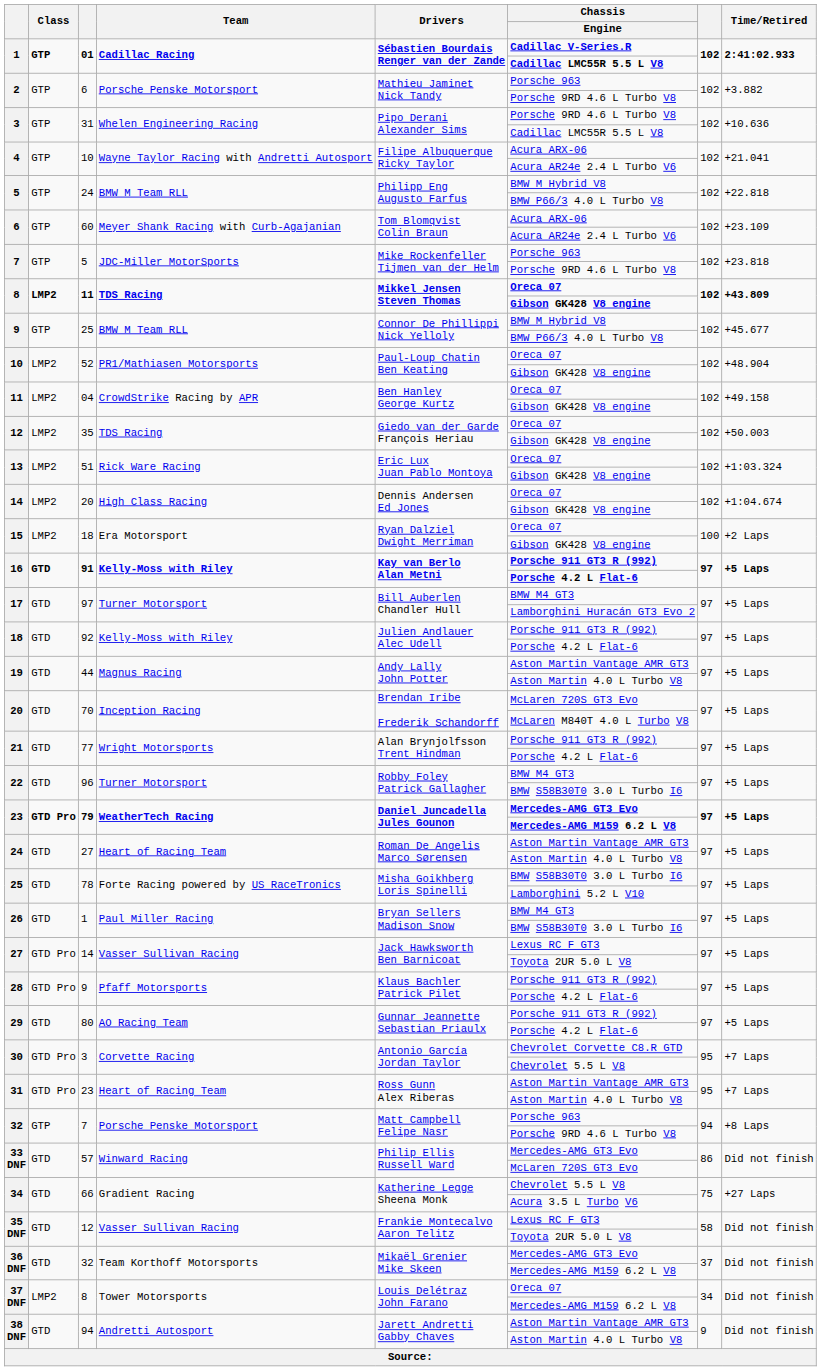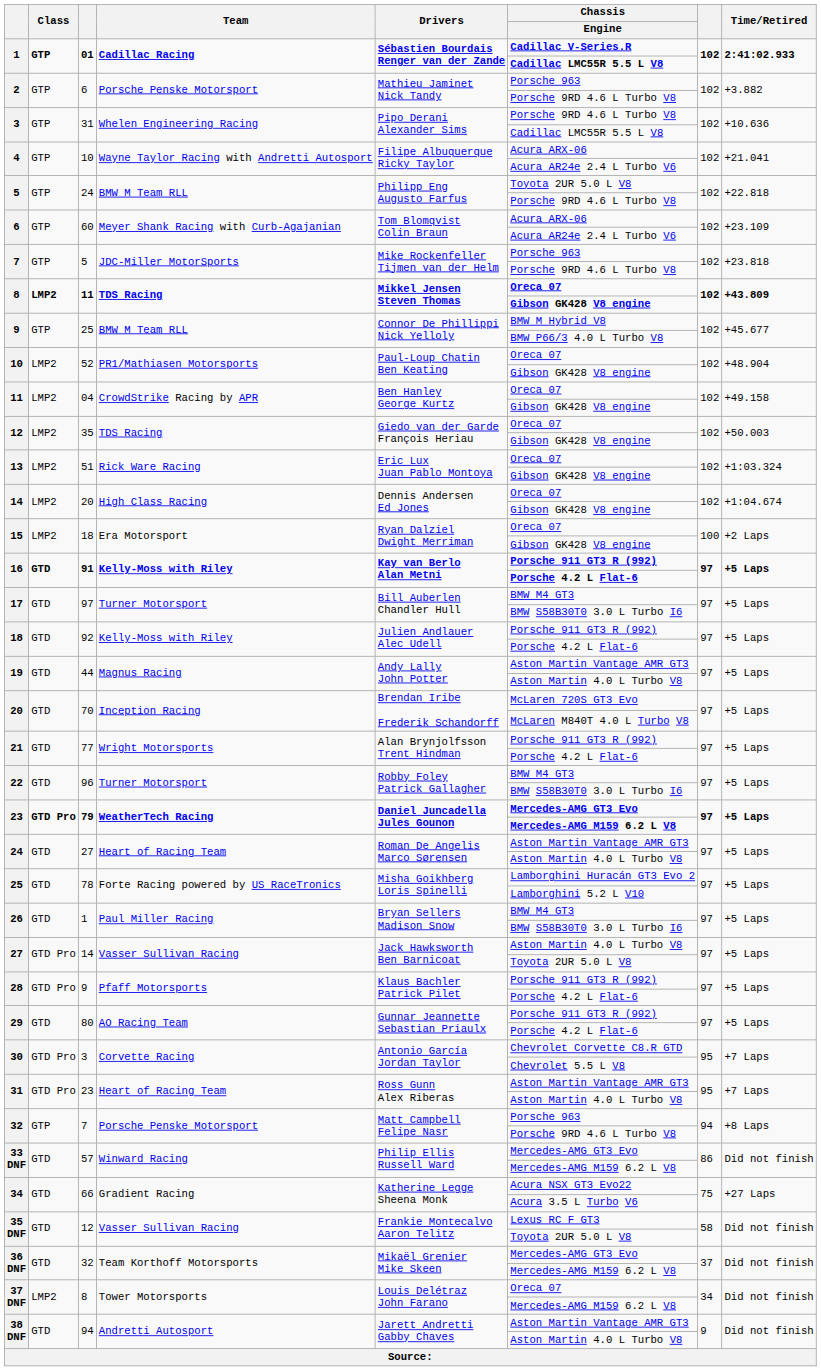 <table class="wikitable" style="font-size:95%;">
 <tr>
 <th rowspan=2></th>
 <th rowspan=2>Class</th>
 <th rowspan=2></th>
 <th rowspan=2>Team</th>
 <th rowspan=2>Drivers</th>
 <th>Chassis</th>
 <th rowspan=2></th>
 <th rowspan=2>Time/Retired</th>
 </tr>
 <tr>
 <th>Engine</th>
 </tr>
 <tr style="font-weight:bold;">
 <th rowspan=2>1</th>
 <td rowspan=2>GTP</td>
 <td rowspan=2>01</td>
 <td rowspan=2> <a href='#'>Cadillac Racing</a></td>
 <td rowspan=2> <a href='#'>Sébastien Bourdais</a><br> <a href='#'>Renger van der Zande</a><br></td>
 <td><a href='#'>Cadillac V-Series.R</a></td>
 <td rowspan=2>102</td>
 <td rowspan=2>2:41:02.933</td>
 </tr>
 <tr style="font-weight:bold;">
 <td><a href='#'>Cadillac</a> LMC55R 5.5 L <a href='#'>V8</a></td>
 </tr>
 <tr>
 <th rowspan=2>2</th>
 <td rowspan=2>GTP</td>
 <td rowspan=2>6</td>
 <td rowspan=2> <a href='#'>Porsche Penske Motorsport</a></td>
 <td rowspan=2> <a href='#'>Mathieu Jaminet</a><br> <a href='#'>Nick Tandy</a><br></td>
 <td><a href='#'>Porsche 963</a></td>
 <td rowspan=2>102</td>
 <td rowspan=2>+3.882</td>
 </tr>
 <tr>
 <td><a href='#'>Porsche</a> 9RD 4.6 L Turbo <a href='#'>V8</a></td>
 </tr>
 <tr>
 <th rowspan=2>3</th>
 <td rowspan=2>GTP</td>
 <td rowspan=2>31</td>
 <td rowspan=2> <a href='#'>Whelen Engineering Racing</a></td>
 <td rowspan=2> <a href='#'>Pipo Derani</a><br> <a href='#'>Alexander Sims</a><br></td>
 <td><a href='#'>Porsche</a> 9RD 4.6 L Turbo <a href='#'>V8</a></td>
 <td rowspan=2>102</td>
 <td rowspan=2>+10.636</td>
 </tr>
 <tr>
 <td><a href='#'>Cadillac</a> LMC55R 5.5 L <a href='#'>V8</a></td>
 </tr>
 <tr>
 <th rowspan=2>4</th>
 <td rowspan=2>GTP</td>
 <td rowspan=2>10</td>
 <td rowspan=2> <a href='#'>Wayne Taylor Racing</a> with <a href='#'>Andretti Autosport</a></td>
 <td rowspan=2> <a href='#'>Filipe Albuquerque</a><br> <a href='#'>Ricky Taylor</a><br></td>
 <td><a href='#'>Acura ARX-06</a></td>
 <td rowspan=2>102</td>
 <td rowspan=2>+21.041</td>
 </tr>
 <tr>
 <td><a href='#'>Acura AR24e</a> 2.4 L Turbo <a href='#'>V6</a></td>
 </tr>
 <tr>
 <th rowspan=2>5</th>
 <td rowspan=2>GTP</td>
 <td rowspan=2>24</td>
 <td rowspan=2> <a href='#'>BMW M Team RLL</a></td>
 <td rowspan=2> <a href='#'>Philipp Eng</a><br> <a href='#'>Augusto Farfus</a><br></td>
-<td><a href='#'>BMW M Hybrid V8</a></td>
+<td><a href='#'>Toyota</a> 2UR 5.0 L <a href='#'>V8</a></td>
 <td rowspan=2>102</td>
 <td rowspan=2>+22.818</td>
 </tr>
 <tr>
-<td><a href='#'>BMW P66/3</a> 4.0 L Turbo <a href='#'>V8</a></td>
+<td><a href='#'>Porsche</a> 9RD 4.6 L Turbo <a href='#'>V8</a></td>
 </tr>
 <tr>
 <th rowspan=2>6</th>
 <td rowspan=2>GTP</td>
 <td rowspan=2>60</td>
 <td rowspan=2> <a href='#'>Meyer Shank Racing</a> with <a href='#'>Curb-Agajanian</a></td>
 <td rowspan=2> <a href='#'>Tom Blomqvist</a><br> <a href='#'>Colin Braun</a><br></td>
 <td><a href='#'>Acura ARX-06</a></td>
 <td rowspan=2>102</td>
 <td rowspan=2>+23.109</td>
 </tr>
 <tr>
 <td><a href='#'>Acura AR24e</a> 2.4 L Turbo <a href='#'>V6</a></td>
 </tr>
 <tr>
 <th rowspan=2>7</th>
 <td rowspan=2>GTP</td>
 <td rowspan=2>5</td>
 <td rowspan=2> <a href='#'>JDC-Miller MotorSports</a></td>
 <td rowspan=2> <a href='#'>Mike Rockenfeller</a><br> <a href='#'>Tijmen van der Helm</a><br></td>
 <td><a href='#'>Porsche 963</a></td>
 <td rowspan=2>102</td>
 <td rowspan=2>+23.818</td>
 </tr>
 <tr>
 <td><a href='#'>Porsche</a> 9RD 4.6 L Turbo <a href='#'>V8</a></td>
 </tr>
 <tr style="font-weight:bold;">
 <th rowspan=2>8</th>
 <td rowspan=2>LMP2</td>
 <td rowspan=2>11</td>
 <td rowspan=2> <a href='#'>TDS Racing</a></td>
 <td rowspan=2> <a href='#'>Mikkel Jensen</a><br> <a href='#'>Steven Thomas</a><br></td>
 <td><a href='#'>Oreca 07</a></td>
 <td rowspan=2>102</td>
 <td rowspan=2>+43.809</td>
 </tr>
 <tr style="font-weight:bold;">
 <td><a href='#'>Gibson</a> GK428 <a href='#'>V8 engine</a></td>
 </tr>
 <tr>
 <th rowspan=2>9</th>
 <td rowspan=2>GTP</td>
 <td rowspan=2>25</td>
 <td rowspan=2> <a href='#'>BMW M Team RLL</a></td>
 <td rowspan=2> <a href='#'>Connor De Phillippi</a><br> <a href='#'>Nick Yelloly</a><br></td>
 <td><a href='#'>BMW M Hybrid V8</a></td>
 <td rowspan=2>102</td>
 <td rowspan=2>+45.677</td>
 </tr>
 <tr>
 <td><a href='#'>BMW P66/3</a> 4.0 L Turbo <a href='#'>V8</a></td>
 </tr>
 <tr>
 <th rowspan=2>10</th>
 <td rowspan=2>LMP2</td>
 <td rowspan=2>52</td>
 <td rowspan=2> <a href='#'>PR1/Mathiasen Motorsports</a></td>
 <td rowspan=2> <a href='#'>Paul-Loup Chatin</a><br> <a href='#'>Ben Keating</a><br></td>
 <td><a href='#'>Oreca 07</a></td>
 <td rowspan=2>102</td>
 <td rowspan=2>+48.904</td>
 </tr>
 <tr>
 <td><a href='#'>Gibson</a> GK428 <a href='#'>V8 engine</a></td>
 </tr>
 <tr>
 <th rowspan=2>11</th>
 <td rowspan=2>LMP2</td>
 <td rowspan=2>04</td>
 <td rowspan=2> <a href='#'>CrowdStrike</a> Racing by <a href='#'>APR</a></td>
 <td rowspan=2> <a href='#'>Ben Hanley</a><br> <a href='#'>George Kurtz</a><br></td>
 <td><a href='#'>Oreca 07</a></td>
 <td rowspan=2>102</td>
 <td rowspan=2>+49.158</td>
 </tr>
 <tr>
 <td><a href='#'>Gibson</a> GK428 <a href='#'>V8 engine</a></td>
 </tr>
 <tr>
 <th rowspan=2>12</th>
 <td rowspan=2>LMP2</td>
 <td rowspan=2>35</td>
 <td rowspan=2> <a href='#'>TDS Racing</a></td>
 <td rowspan=2> <a href='#'>Giedo van der Garde</a><br> François Heriau<br></td>
 <td><a href='#'>Oreca 07</a></td>
 <td rowspan=2>102</td>
 <td rowspan=2>+50.003</td>
 </tr>
 <tr>
 <td><a href='#'>Gibson</a> GK428 <a href='#'>V8 engine</a></td>
 </tr>
 <tr>
 <th rowspan=2>13</th>
 <td rowspan=2>LMP2</td>
 <td rowspan=2>51</td>
 <td rowspan=2> <a href='#'>Rick Ware Racing</a></td>
 <td rowspan=2> <a href='#'>Eric Lux</a><br> <a href='#'>Juan Pablo Montoya</a><br></td>
 <td><a href='#'>Oreca 07</a></td>
 <td rowspan=2>102</td>
 <td rowspan=2>+1:03.324</td>
 </tr>
 <tr>
 <td><a href='#'>Gibson</a> GK428 <a href='#'>V8 engine</a></td>
 </tr>
 <tr>
 <th rowspan=2>14</th>
 <td rowspan=2>LMP2</td>
 <td rowspan=2>20</td>
 <td rowspan=2> <a href='#'>High Class Racing</a></td>
 <td rowspan=2> Dennis Andersen<br> <a href='#'>Ed Jones</a><br></td>
 <td><a href='#'>Oreca 07</a></td>
 <td rowspan=2>102</td>
 <td rowspan=2>+1:04.674</td>
 </tr>
 <tr>
 <td><a href='#'>Gibson</a> GK428 <a href='#'>V8 engine</a></td>
 </tr>
 <tr>
 <th rowspan=2>15</th>
 <td rowspan=2>LMP2</td>
 <td rowspan=2>18</td>
 <td rowspan=2> Era Motorsport</td>
 <td rowspan=2> <a href='#'>Ryan Dalziel</a><br> <a href='#'>Dwight Merriman</a><br></td>
 <td><a href='#'>Oreca 07</a></td>
 <td rowspan=2>100</td>
 <td rowspan=2>+2 Laps</td>
 </tr>
 <tr>
 <td><a href='#'>Gibson</a> GK428 <a href='#'>V8 engine</a></td>
 </tr>
 <tr style="font-weight:bold;">
 <th rowspan=2>16</th>
 <td rowspan=2>GTD</td>
 <td rowspan=2>91</td>
 <td rowspan=2> <a href='#'>Kelly-Moss with Riley</a></td>
 <td rowspan=2> <a href='#'>Kay van Berlo</a><br> <a href='#'>Alan Metni</a><br></td>
 <td><a href='#'>Porsche 911 GT3 R (992)</a></td>
 <td rowspan=2>97</td>
 <td rowspan=2>+5 Laps</td>
 </tr>
 <tr style="font-weight:bold;">
 <td><a href='#'>Porsche</a> 4.2 L <a href='#'>Flat-6</a></td>
 </tr>
 <tr>
 <th rowspan=2>17</th>
 <td rowspan=2>GTD</td>
 <td rowspan=2>97</td>
 <td rowspan=2> <a href='#'>Turner Motorsport</a></td>
 <td rowspan=2> <a href='#'>Bill Auberlen</a><br> Chandler Hull<br></td>
 <td><a href='#'>BMW M4 GT3</a></td>
 <td rowspan=2>97</td>
 <td rowspan=2>+5 Laps</td>
 </tr>
 <tr>
-<td><a href='#'>Lamborghini Huracán GT3 Evo 2</a></td>
+<td><a href='#'>BMW</a> <a href='#'>S58B30T0</a> 3.0 L Turbo <a href='#'>I6</a></td>
 </tr>
 <tr>
 <th rowspan=2>18</th>
 <td rowspan=2>GTD</td>
 <td rowspan=2>92</td>
 <td rowspan=2> <a href='#'>Kelly-Moss with Riley</a></td>
 <td rowspan=2> <a href='#'>Julien Andlauer</a><br> <a href='#'>Alec Udell</a><br></td>
 <td><a href='#'>Porsche 911 GT3 R (992)</a></td>
 <td rowspan=2>97</td>
 <td rowspan=2>+5 Laps</td>
 </tr>
 <tr>
 <td><a href='#'>Porsche</a> 4.2 L <a href='#'>Flat-6</a></td>
 </tr>
 <tr>
 <th rowspan=2>19</th>
 <td rowspan=2>GTD</td>
 <td rowspan=2>44</td>
 <td rowspan=2> <a href='#'>Magnus Racing</a></td>
 <td rowspan=2> <a href='#'>Andy Lally</a><br> <a href='#'>John Potter</a><br></td>
 <td><a href='#'>Aston Martin Vantage AMR GT3</a></td>
 <td rowspan=2>97</td>
 <td rowspan=2>+5 Laps</td>
 </tr>
 <tr>
 <td><a href='#'>Aston Martin</a> 4.0 L Turbo <a href='#'>V8</a></td>
 </tr>
 <tr>
 <th rowspan=2>20</th>
 <td rowspan=2>GTD</td>
 <td rowspan=2>70</td>
 <td rowspan=2> <a href='#'>Inception Racing</a></td>
 <td rowspan=2> <a href='#'>Brendan Iribe</a><br><br> <a href='#'>Frederik Schandorff</a></td>
 <td><a href='#'>McLaren 720S GT3 Evo</a></td>
 <td rowspan=2>97</td>
 <td rowspan=2>+5 Laps</td>
 </tr>
 <tr>
 <td><a href='#'>McLaren</a> M840T 4.0 L <a href='#'>Turbo</a> <a href='#'>V8</a></td>
 </tr>
 <tr>
 <th rowspan=2>21</th>
 <td rowspan=2>GTD</td>
 <td rowspan=2>77</td>
 <td rowspan=2> <a href='#'>Wright Motorsports</a></td>
 <td rowspan=2> Alan Brynjolfsson<br> <a href='#'>Trent Hindman</a><br></td>
 <td><a href='#'>Porsche 911 GT3 R (992)</a></td>
 <td rowspan=2>97</td>
 <td rowspan=2>+5 Laps</td>
 </tr>
 <tr>
 <td><a href='#'>Porsche</a> 4.2 L <a href='#'>Flat-6</a></td>
 </tr>
 <tr>
 <th rowspan=2>22</th>
 <td rowspan=2>GTD</td>
 <td rowspan=2>96</td>
 <td rowspan=2> <a href='#'>Turner Motorsport</a></td>
 <td rowspan=2> <a href='#'>Robby Foley</a><br> <a href='#'>Patrick Gallagher</a><br></td>
 <td><a href='#'>BMW M4 GT3</a></td>
 <td rowspan=2>97</td>
 <td rowspan=2>+5 Laps</td>
 </tr>
 <tr>
 <td><a href='#'>BMW</a> <a href='#'>S58B30T0</a> 3.0 L Turbo <a href='#'>I6</a></td>
 </tr>
 <tr style="font-weight:bold;">
 <th rowspan=2>23</th>
 <td rowspan=2>GTD Pro</td>
 <td rowspan=2>79</td>
 <td rowspan=2> <a href='#'>WeatherTech Racing</a></td>
 <td rowspan=2> <a href='#'>Daniel Juncadella</a><br>  <a href='#'>Jules Gounon</a><br></td>
 <td><a href='#'>Mercedes-AMG GT3 Evo</a></td>
 <td rowspan=2>97</td>
 <td rowspan=2>+5 Laps</td>
 </tr>
 <tr style="font-weight:bold;">
 <td><a href='#'>Mercedes-AMG M159</a> 6.2 L <a href='#'>V8</a></td>
 </tr>
 <tr>
 <th rowspan=2>24</th>
 <td rowspan=2>GTD</td>
 <td rowspan=2>27</td>
 <td rowspan=2> <a href='#'>Heart of Racing Team</a></td>
 <td rowspan=2> <a href='#'>Roman De Angelis</a><br> <a href='#'>Marco Sørensen</a><br></td>
 <td><a href='#'>Aston Martin Vantage AMR GT3</a></td>
 <td rowspan=2>97</td>
 <td rowspan=2>+5 Laps</td>
 </tr>
 <tr>
 <td><a href='#'>Aston Martin</a> 4.0 L Turbo <a href='#'>V8</a></td>
 </tr>
 <tr>
 <th rowspan=2>25</th>
 <td rowspan=2>GTD</td>
 <td rowspan=2>78</td>
 <td rowspan=2> Forte Racing powered by <a href='#'>US RaceTronics</a></td>
 <td rowspan=2> <a href='#'>Misha Goikhberg</a><br> <a href='#'>Loris Spinelli</a><br></td>
-<td><a href='#'>BMW</a> <a href='#'>S58B30T0</a> 3.0 L Turbo <a href='#'>I6</a></td>
+<td><a href='#'>Lamborghini Huracán GT3 Evo 2</a></td>
 <td rowspan=2>97</td>
 <td rowspan=2>+5 Laps</td>
 </tr>
 <tr>
 <td><a href='#'>Lamborghini</a> 5.2 L <a href='#'>V10</a></td>
 </tr>
 <tr>
 <th rowspan=2>26</th>
 <td rowspan=2>GTD</td>
 <td rowspan=2>1</td>
 <td rowspan=2> <a href='#'>Paul Miller Racing</a></td>
 <td rowspan=2> <a href='#'>Bryan Sellers</a><br> <a href='#'>Madison Snow</a><br></td>
 <td><a href='#'>BMW M4 GT3</a></td>
 <td rowspan=2>97</td>
 <td rowspan=2>+5 Laps</td>
 </tr>
 <tr>
 <td><a href='#'>BMW</a> <a href='#'>S58B30T0</a> 3.0 L Turbo <a href='#'>I6</a></td>
 </tr>
 <tr>
 <th rowspan=2>27</th>
 <td rowspan=2>GTD Pro</td>
 <td rowspan=2>14</td>
 <td rowspan=2> <a href='#'>Vasser Sullivan Racing</a></td>
 <td rowspan=2> <a href='#'>Jack Hawksworth</a><br> <a href='#'>Ben Barnicoat</a><br></td>
-<td><a href='#'>Lexus RC F GT3</a></td>
+<td><a href='#'>Aston Martin</a> 4.0 L Turbo <a href='#'>V8</a></td>
 <td rowspan=2>97</td>
 <td rowspan=2>+5 Laps</td>
 </tr>
 <tr>
 <td><a href='#'>Toyota</a> 2UR 5.0 L <a href='#'>V8</a></td>
 </tr>
 <tr>
 <th rowspan=2>28</th>
 <td rowspan=2>GTD Pro</td>
 <td rowspan=2>9</td>
 <td rowspan=2> <a href='#'>Pfaff Motorsports</a></td>
 <td rowspan=2> <a href='#'>Klaus Bachler</a><br> <a href='#'>Patrick Pilet</a><br></td>
 <td><a href='#'>Porsche 911 GT3 R (992)</a></td>
 <td rowspan=2>97</td>
 <td rowspan=2>+5 Laps</td>
 </tr>
 <tr>
 <td><a href='#'>Porsche</a> 4.2 L <a href='#'>Flat-6</a></td>
 </tr>
 <tr>
 <th rowspan=2>29</th>
 <td rowspan=2>GTD</td>
 <td rowspan=2>80</td>
 <td rowspan=2> <a href='#'>AO Racing Team</a></td>
 <td rowspan=2> <a href='#'>Gunnar Jeannette</a><br> <a href='#'>Sebastian Priaulx</a><br></td>
 <td><a href='#'>Porsche 911 GT3 R (992)</a></td>
 <td rowspan=2>97</td>
 <td rowspan=2>+5 Laps</td>
 </tr>
 <tr>
 <td><a href='#'>Porsche</a> 4.2 L <a href='#'>Flat-6</a></td>
 </tr>
 <tr>
 <th rowspan=2>30</th>
 <td rowspan=2>GTD Pro</td>
 <td rowspan=2>3</td>
 <td rowspan=2> <a href='#'>Corvette Racing</a></td>
 <td rowspan=2> <a href='#'>Antonio García</a><br> <a href='#'>Jordan Taylor</a><br></td>
 <td><a href='#'>Chevrolet Corvette C8.R GTD</a></td>
 <td rowspan=2>95</td>
 <td rowspan=2>+7 Laps</td>
 </tr>
 <tr>
 <td><a href='#'>Chevrolet</a> 5.5 L <a href='#'>V8</a></td>
 </tr>
 <tr>
 <th rowspan=2>31</th>
 <td rowspan=2>GTD Pro</td>
 <td rowspan=2>23</td>
 <td rowspan=2> <a href='#'>Heart of Racing Team</a></td>
 <td rowspan=2> <a href='#'>Ross Gunn</a><br> Alex Riberas<br></td>
 <td><a href='#'>Aston Martin Vantage AMR GT3</a></td>
 <td rowspan=2>95</td>
 <td rowspan=2>+7 Laps</td>
 </tr>
 <tr>
 <td><a href='#'>Aston Martin</a> 4.0 L Turbo <a href='#'>V8</a></td>
 </tr>
 <tr>
 <th rowspan=2>32</th>
 <td rowspan=2>GTP</td>
 <td rowspan=2>7</td>
 <td rowspan=2> <a href='#'>Porsche Penske Motorsport</a></td>
 <td rowspan=2> <a href='#'>Matt Campbell</a><br> <a href='#'>Felipe Nasr</a><br></td>
 <td><a href='#'>Porsche 963</a></td>
 <td rowspan=2>94</td>
 <td rowspan=2>+8 Laps</td>
 </tr>
 <tr>
 <td><a href='#'>Porsche</a> 9RD 4.6 L Turbo <a href='#'>V8</a></td>
 </tr>
 <tr>
 <th rowspan=2>33<br>DNF</th>
 <td rowspan=2>GTD</td>
 <td rowspan=2>57</td>
 <td rowspan=2> <a href='#'>Winward Racing</a></td>
 <td rowspan=2> <a href='#'>Philip Ellis</a><br> <a href='#'>Russell Ward</a><br></td>
 <td><a href='#'>Mercedes-AMG GT3 Evo</a></td>
 <td rowspan=2>86</td>
 <td rowspan=2>Did not finish</td>
 </tr>
 <tr>
-<td><a href='#'>McLaren 720S GT3 Evo</a></td>
+<td><a href='#'>Mercedes-AMG M159</a> 6.2 L <a href='#'>V8</a></td>
 </tr>
 <tr>
 <th rowspan=2>34</th>
 <td rowspan=2>GTD</td>
 <td rowspan=2>66</td>
 <td rowspan=2> Gradient Racing</td>
 <td rowspan=2> <a href='#'>Katherine Legge</a><br> Sheena Monk<br></td>
-<td><a href='#'>Chevrolet</a> 5.5 L <a href='#'>V8</a></td>
+<td><a href='#'>Acura NSX GT3 Evo22</a></td>
 <td rowspan=2>75</td>
 <td rowspan=2>+27 Laps</td>
 </tr>
 <tr>
 <td><a href='#'>Acura</a> 3.5 L <a href='#'>Turbo</a> <a href='#'>V6</a></td>
 </tr>
 <tr>
 <th rowspan=2>35<br>DNF</th>
 <td rowspan=2>GTD</td>
 <td rowspan=2>12</td>
 <td rowspan=2> <a href='#'>Vasser Sullivan Racing</a></td>
 <td rowspan=2> <a href='#'>Frankie Montecalvo</a><br> <a href='#'>Aaron Telitz</a><br></td>
 <td><a href='#'>Lexus RC F GT3</a></td>
 <td rowspan=2>58</td>
 <td rowspan=2>Did not finish</td>
 </tr>
 <tr>
 <td><a href='#'>Toyota</a> 2UR 5.0 L <a href='#'>V8</a></td>
 </tr>
 <tr>
 <th rowspan=2>36<br>DNF</th>
 <td rowspan=2>GTD</td>
 <td rowspan=2>32</td>
 <td rowspan=2> Team Korthoff Motorsports</td>
 <td rowspan=2> <a href='#'>Mikaël Grenier</a><br> <a href='#'>Mike Skeen</a><br></td>
 <td><a href='#'>Mercedes-AMG GT3 Evo</a></td>
 <td rowspan=2>37</td>
 <td rowspan=2>Did not finish</td>
 </tr>
 <tr>
 <td><a href='#'>Mercedes-AMG M159</a> 6.2 L <a href='#'>V8</a></td>
 </tr>
 <tr>
 <th rowspan=2>37<br>DNF</th>
 <td rowspan=2>LMP2</td>
 <td rowspan=2>8</td>
 <td rowspan=2> Tower Motorsports</td>
 <td rowspan=2> <a href='#'>Louis Delétraz</a><br> <a href='#'>John Farano</a><br></td>
 <td><a href='#'>Oreca 07</a></td>
 <td rowspan=2>34</td>
 <td rowspan=2>Did not finish</td>
 </tr>
 <tr>
 <td><a href='#'>Mercedes-AMG M159</a> 6.2 L <a href='#'>V8</a></td>
 </tr>
 <tr>
 <th rowspan=2>38<br>DNF</th>
 <td rowspan=2>GTD</td>
 <td rowspan=2>94</td>
 <td rowspan=2> <a href='#'>Andretti Autosport</a></td>
 <td rowspan=2> <a href='#'>Jarett Andretti</a><br> <a href='#'>Gabby Chaves</a><br></td>
 <td><a href='#'>Aston Martin Vantage AMR GT3</a></td>
 <td rowspan=2>9</td>
 <td rowspan=2>Did not finish</td>
 </tr>
 <tr>
 <td><a href='#'>Aston Martin</a> 4.0 L Turbo <a href='#'>V8</a></td>
 </tr>
 <tr>
 <th colspan="8">Source:</th>
 </tr>
 </table>
